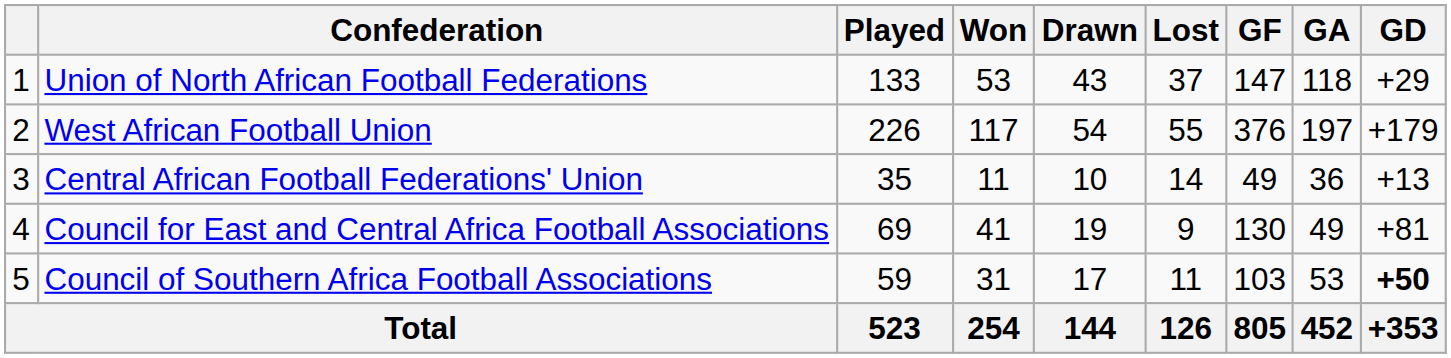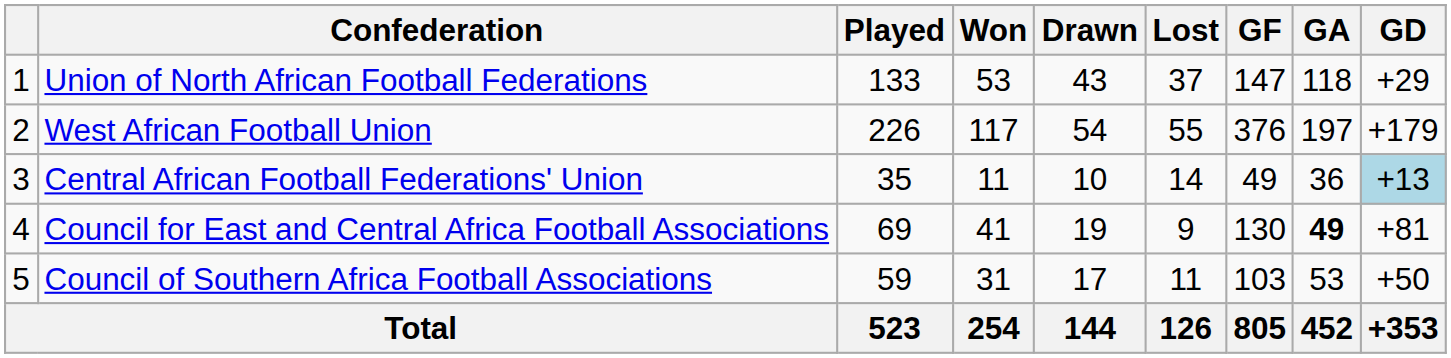 <table class="wikitable plainrowheaders sortable" style="text-align:center;font-size:95%">
 <tr>
 <th></th>
 <th>Confederation</th>
 <th>Played</th>
 <th>Won</th>
 <th>Drawn</th>
 <th>Lost</th>
 <th>GF</th>
 <th>GA</th>
 <th>GD</th>
 </tr>
 <tr align=center>
 <td>1</td>
 <td align=left><a href='#'>Union of North African Football Federations</a></td>
 <td align="center">133</td>
 <td align="center">53</td>
 <td align="center">43</td>
 <td align="center">37</td>
 <td align="center">147</td>
 <td align="center">118</td>
 <td align="center">+29</td>
 </tr>
 <tr align=center>
 <td>2</td>
 <td align=left><a href='#'>West African Football Union</a></td>
 <td align="center">226</td>
 <td align="center">117</td>
 <td align="center">54</td>
 <td align="center">55</td>
 <td align="center">376</td>
 <td align="center">197</td>
 <td align="center">+179</td>
 </tr>
 <tr align=center>
 <td>3</td>
 <td align=left><a href='#'>Central African Football Federations' Union</a></td>
 <td align="center">35</td>
 <td align="center">11</td>
 <td align="center">10</td>
 <td align="center">14</td>
 <td align="center">49</td>
 <td align="center">36</td>
-<td align="center">+13</td>
+<td align="center" style="background: lightblue;">+13</td>
 </tr>
 <tr align=center>
 <td>4</td>
 <td align=left><a href='#'>Council for East and Central Africa Football Associations</a></td>
 <td align="center">69</td>
 <td align="center">41</td>
 <td align="center">19</td>
 <td align="center">9</td>
 <td align="center">130</td>
-<td align="center">49</td>
+<td align="center"><strong>49</strong></td>
 <td align="center">+81</td>
 </tr>
 <tr align=center>
 <td>5</td>
 <td align=left><a href='#'>Council of Southern Africa Football Associations</a></td>
 <td align="center">59</td>
 <td align="center">31</td>
 <td align="center">17</td>
 <td align="center">11</td>
 <td align="center">103</td>
 <td align="center">53</td>
-<td align="center"><strong>+50</strong></td>
+<td align="center">+50</td>
 </tr>
 <tr>
 <th colspan=2>Total</th>
 <th>523</th>
 <th>254</th>
 <th>144</th>
 <th>126</th>
 <th>805</th>
 <th>452</th>
 <th>+353</th>
 </tr>
 </table>
